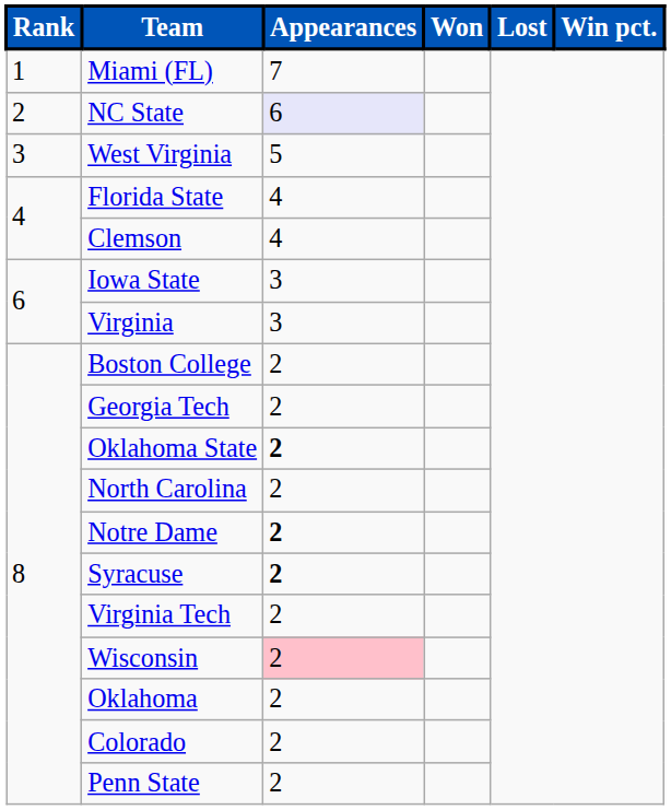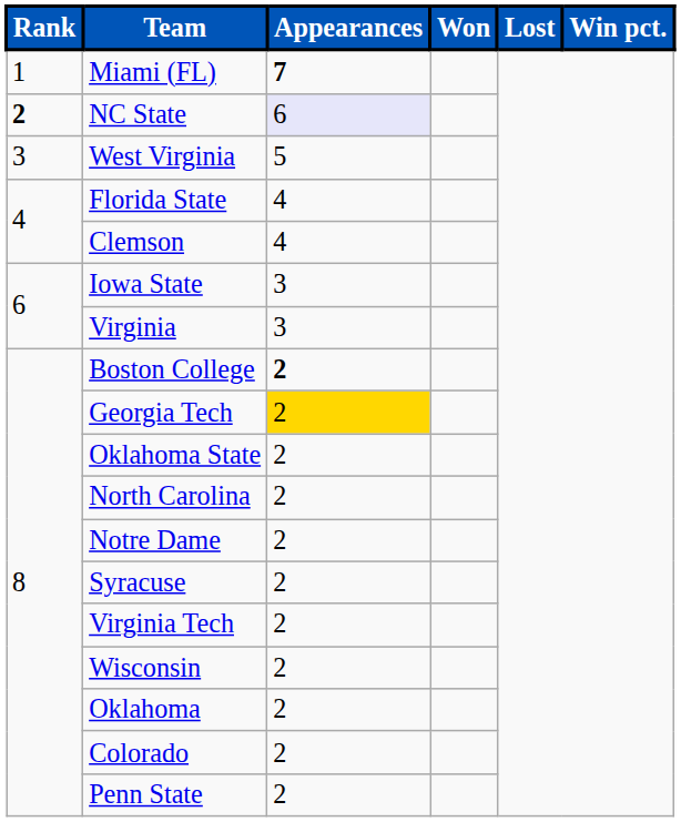 <table class = "wikitable sortable">
 <tr>
 <th style="background:#0055b8; color:#ffffff; border: 2px solid #000000;">Rank</th>
 <th style="background:#0055b8; color:#ffffff; border: 2px solid #000000;">Team</th>
 <th style="background:#0055b8; color:#ffffff; border: 2px solid #000000;">Appearances</th>
 <th style="background:#0055b8; color:#ffffff; border: 2px solid #000000;">Won</th>
 <th style="background:#0055b8; color:#ffffff; border: 2px solid #000000;">Lost</th>
 <th style="background:#0055b8; color:#ffffff; border: 2px solid #000000;">Win pct.</th>
 </tr>
 <tr>
 <td>1</td>
 <td><a href='#'>Miami (FL)</a></td>
-<td>7</td>
+<td><strong>7</strong></td>
 <td></td>
 </tr>
 <tr>
-<td>2</td>
+<td><strong>2</strong></td>
 <td><a href='#'>NC State</a></td>
 <td style="background: lavender;">6</td>
 <td></td>
 </tr>
 <tr>
 <td>3</td>
 <td><a href='#'>West Virginia</a></td>
 <td>5</td>
 <td></td>
 </tr>
 <tr>
 <td rowspan=2>4</td>
 <td><a href='#'>Florida State</a></td>
 <td>4</td>
 <td></td>
 </tr>
 <tr>
 <td><a href='#'>Clemson</a></td>
 <td>4</td>
 <td></td>
 </tr>
 <tr>
 <td rowspan="2">6</td>
 <td><a href='#'>Iowa State</a></td>
 <td>3</td>
 <td></td>
 </tr>
 <tr>
 <td><a href='#'>Virginia</a></td>
 <td>3</td>
 <td></td>
 </tr>
 <tr>
 <td rowspan="11">8</td>
 <td><a href='#'>Boston College</a></td>
-<td>2</td>
+<td><strong>2</strong></td>
 <td></td>
 </tr>
 <tr>
 <td><a href='#'>Georgia Tech</a></td>
-<td>2</td>
+<td style="background: gold;">2</td>
 <td></td>
 </tr>
 <tr>
 <td><a href='#'>Oklahoma State</a></td>
-<td><strong>2</strong></td>
+<td>2</td>
 <td></td>
 </tr>
 <tr>
 <td><a href='#'>North Carolina</a></td>
 <td>2</td>
 <td></td>
 </tr>
 <tr>
 <td><a href='#'>Notre Dame</a></td>
-<td><strong>2</strong></td>
+<td>2</td>
 <td></td>
 </tr>
 <tr>
 <td><a href='#'>Syracuse</a></td>
-<td><strong>2</strong></td>
+<td>2</td>
 <td></td>
 </tr>
 <tr>
 <td><a href='#'>Virginia Tech</a></td>
 <td>2</td>
 <td></td>
 </tr>
 <tr>
 <td><a href='#'>Wisconsin</a></td>
-<td style="background: pink;">2</td>
+<td>2</td>
 <td></td>
 </tr>
 <tr>
 <td><a href='#'>Oklahoma</a></td>
 <td>2</td>
 <td></td>
 </tr>
 <tr>
 <td><a href='#'>Colorado</a></td>
 <td>2</td>
 <td></td>
 </tr>
 <tr>
 <td><a href='#'>Penn State</a></td>
 <td>2</td>
 <td></td>
 </tr>
 </table>
